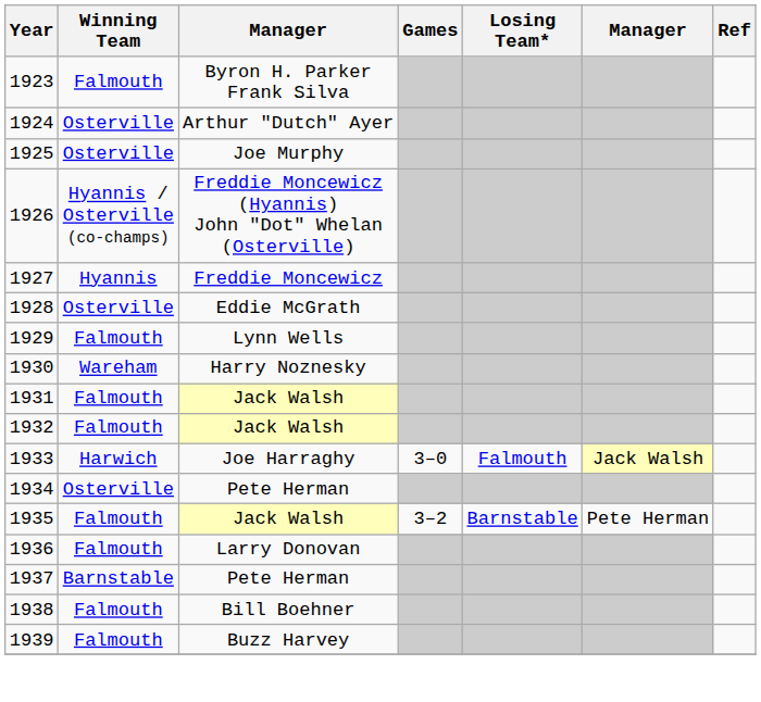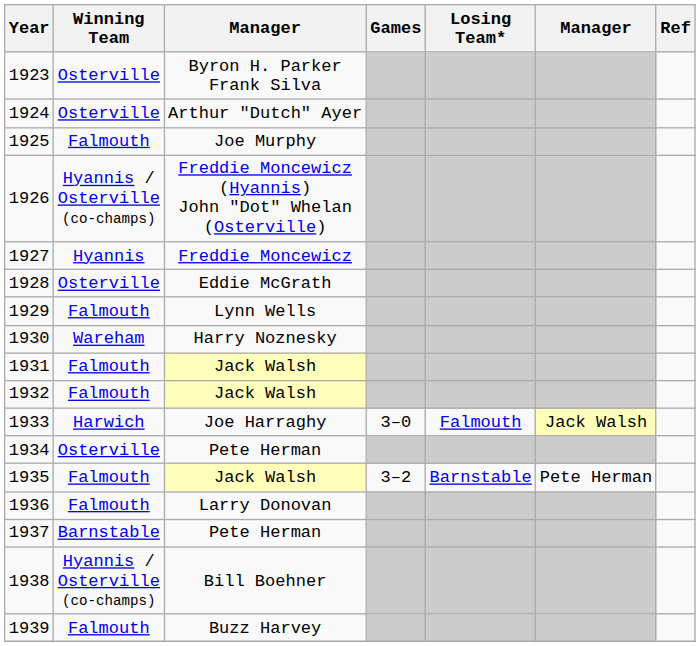 <table class="wikitable" style="display: inline-table; margin-right: 10px; text-align:center">
 <tr>
 <th>Year</th>
 <th>Winning<br>Team</th>
 <th>Manager</th>
 <th>Games</th>
 <th>Losing<br>Team*</th>
 <th>Manager</th>
 <th>Ref</th>
 </tr>
 <tr>
 <td>1923</td>
-<td><a href='#'>Falmouth</a></td>
+<td><a href='#'>Osterville</a></td>
 <td>Byron H. Parker<br>Frank Silva</td>
 <td bgcolor=#cccccc></td>
 <td bgcolor=#cccccc></td>
 <td bgcolor=#cccccc></td>
 <td></td>
 </tr>
 <tr>
 <td>1924</td>
 <td><a href='#'>Osterville</a></td>
 <td>Arthur "Dutch" Ayer</td>
 <td bgcolor=#cccccc></td>
 <td bgcolor=#cccccc></td>
 <td bgcolor=#cccccc></td>
 <td></td>
 </tr>
 <tr>
 <td>1925</td>
-<td><a href='#'>Osterville</a></td>
+<td><a href='#'>Falmouth</a></td>
 <td>Joe Murphy</td>
 <td bgcolor=#cccccc></td>
 <td bgcolor=#cccccc></td>
 <td bgcolor=#cccccc></td>
 <td></td>
 </tr>
 <tr>
 <td>1926</td>
 <td><a href='#'>Hyannis</a> /<br><a href='#'>Osterville</a><br><small>(co-champs)</small></td>
 <td><a href='#'>Freddie Moncewicz</a><br>(<a href='#'>Hyannis</a>)<br>John "Dot" Whelan<br>(<a href='#'>Osterville</a>)</td>
 <td bgcolor=#cccccc></td>
 <td bgcolor=#cccccc></td>
 <td bgcolor=#cccccc></td>
 <td><br></td>
 </tr>
 <tr>
 <td>1927</td>
 <td><a href='#'>Hyannis</a></td>
 <td><a href='#'>Freddie Moncewicz</a></td>
 <td bgcolor=#cccccc></td>
 <td bgcolor=#cccccc></td>
 <td bgcolor=#cccccc></td>
 <td></td>
 </tr>
 <tr>
 <td>1928</td>
 <td><a href='#'>Osterville</a></td>
 <td>Eddie McGrath</td>
 <td bgcolor=#cccccc></td>
 <td bgcolor=#cccccc></td>
 <td bgcolor=#cccccc></td>
 <td></td>
 </tr>
 <tr>
 <td>1929</td>
 <td><a href='#'>Falmouth</a></td>
 <td>Lynn Wells</td>
 <td bgcolor=#cccccc></td>
 <td bgcolor=#cccccc></td>
 <td bgcolor=#cccccc></td>
 <td></td>
 </tr>
 <tr>
 <td>1930</td>
 <td><a href='#'>Wareham</a></td>
 <td>Harry Noznesky</td>
 <td bgcolor=#cccccc></td>
 <td bgcolor=#cccccc></td>
 <td bgcolor=#cccccc></td>
 <td></td>
 </tr>
 <tr>
 <td>1931</td>
 <td><a href='#'>Falmouth</a></td>
 <td !scope="row" style="background:#ffb;">Jack Walsh</td>
 <td bgcolor=#cccccc></td>
 <td bgcolor=#cccccc></td>
 <td bgcolor=#cccccc></td>
 <td></td>
 </tr>
 <tr>
 <td>1932</td>
 <td><a href='#'>Falmouth</a></td>
 <td !scope="row" style="background:#ffb;">Jack Walsh</td>
 <td bgcolor=#cccccc></td>
 <td bgcolor=#cccccc></td>
 <td bgcolor=#cccccc></td>
 <td></td>
 </tr>
 <tr>
 <td>1933</td>
 <td><a href='#'>Harwich</a></td>
 <td>Joe Harraghy</td>
 <td>3–0</td>
 <td><a href='#'>Falmouth</a></td>
 <td !scope="row" style="background:#ffb;">Jack Walsh</td>
 <td></td>
 </tr>
 <tr>
 <td>1934</td>
 <td><a href='#'>Osterville</a></td>
 <td>Pete Herman</td>
 <td bgcolor=#cccccc></td>
 <td bgcolor=#cccccc></td>
 <td bgcolor=#cccccc></td>
 <td></td>
 </tr>
 <tr>
 <td>1935</td>
 <td><a href='#'>Falmouth</a></td>
 <td !scope="row" style="background:#ffb;">Jack Walsh</td>
 <td>3–2</td>
 <td><a href='#'>Barnstable</a></td>
 <td>Pete Herman</td>
 <td></td>
 </tr>
 <tr>
 <td>1936</td>
 <td><a href='#'>Falmouth</a></td>
 <td>Larry Donovan</td>
 <td bgcolor=#cccccc></td>
 <td bgcolor=#cccccc></td>
 <td bgcolor=#cccccc></td>
 <td></td>
 </tr>
 <tr>
 <td>1937</td>
 <td><a href='#'>Barnstable</a></td>
 <td>Pete Herman</td>
 <td bgcolor=#cccccc></td>
 <td bgcolor=#cccccc></td>
 <td bgcolor=#cccccc></td>
 <td></td>
 </tr>
 <tr>
 <td>1938</td>
-<td><a href='#'>Falmouth</a></td>
+<td><a href='#'>Hyannis</a> /<br><a href='#'>Osterville</a><br><small>(co-champs)</small></td>
 <td>Bill Boehner</td>
 <td bgcolor=#cccccc></td>
 <td bgcolor=#cccccc></td>
 <td bgcolor=#cccccc></td>
 <td></td>
 </tr>
 <tr>
 <td>1939</td>
 <td><a href='#'>Falmouth</a></td>
 <td>Buzz Harvey</td>
 <td bgcolor=#cccccc></td>
 <td bgcolor=#cccccc></td>
 <td bgcolor=#cccccc></td>
 <td></td>
 </tr>
 <tr>
 </tr>
 </table>
